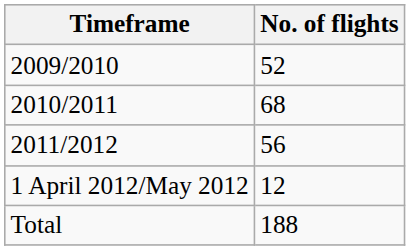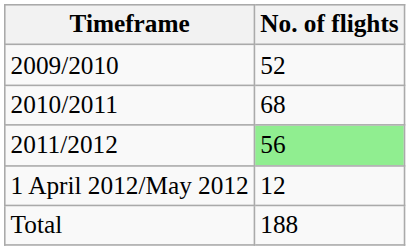 <table class="wikitable">
 <tr>
 <th>Timeframe</th>
 <th>No. of flights</th>
 </tr>
 <tr>
 <td>2009/2010</td>
 <td>52</td>
 </tr>
 <tr>
 <td>2010/2011</td>
 <td>68</td>
 </tr>
 <tr>
 <td>2011/2012</td>
-<td>56</td>
+<td style="background: lightgreen;">56</td>
 </tr>
 <tr>
 <td>1 April 2012/May 2012</td>
 <td>12</td>
 </tr>
 <tr>
 <td>Total</td>
 <td>188</td>
 </tr>
 </table>
